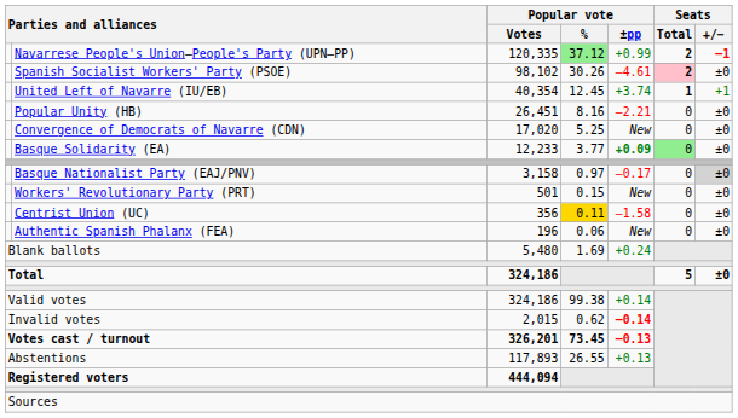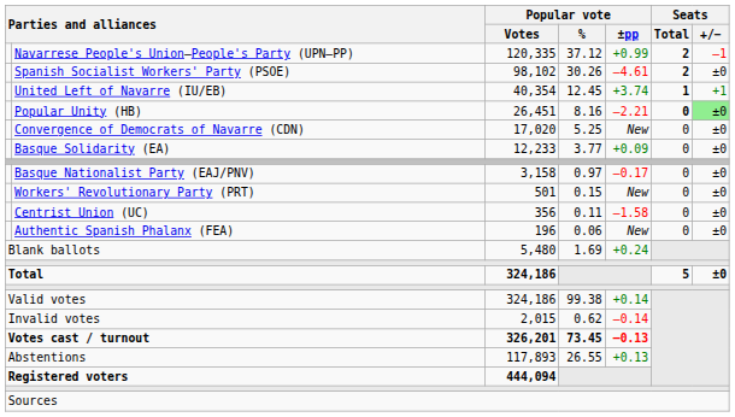 <table class="wikitable" style="text-align:right;">
 <tr>
 <th style="text-align:left;" rowspan="2" colspan="2" width="525">Parties and alliances</th>
 <th colspan="3">Popular vote</th>
 <th colspan="2">Seats</th>
 </tr>
 <tr>
 <th width="75">Votes</th>
 <th width="45">%</th>
 <th width="45">±<a href='#'>pp</a></th>
 <th width="35">Total</th>
 <th width="35">+/−</th>
 </tr>
 <tr>
 <td width="1" style="color:inherit;background:"></td>
 <td align="left"><a href='#'>Navarrese People's Union</a>–<a href='#'>People's Party</a> (UPN–PP)</td>
 <td>120,335</td>
-<td style="background: lightgreen;">37.12</td>
+<td>37.12</td>
 <td style="color:green;">+0.99</td>
 <td><strong>2</strong></td>
-<td style="color:red;"><strong>–1</strong></td>
+<td style="color:red;">–1</td>
 </tr>
 <tr>
 <td style="color:inherit;background:"></td>
 <td align="left"><a href='#'>Spanish Socialist Workers' Party</a> (PSOE)</td>
 <td>98,102</td>
 <td>30.26</td>
 <td style="color:red;">–4.61</td>
-<td style="background: pink;"><strong>2</strong></td>
+<td><strong>2</strong></td>
 <td>±0</td>
 </tr>
 <tr>
 <td style="color:inherit;background:"></td>
 <td align="left"><a href='#'>United Left of Navarre</a> (IU/EB)</td>
 <td>40,354</td>
 <td>12.45</td>
 <td style="color:green;">+3.74</td>
 <td><strong>1</strong></td>
 <td style="color:green;">+1</td>
 </tr>
 <tr>
 <td style="color:inherit;background:"></td>
 <td align="left"><a href='#'>Popular Unity</a> (HB)</td>
 <td>26,451</td>
 <td>8.16</td>
 <td style="color:red;">–2.21</td>
-<td>0</td>
-<td>±0</td>
+<td><strong>0</strong></td>
+<td style="background: lightgreen;">±0</td>
 </tr>
 <tr>
 <td style="color:inherit;background:"></td>
 <td align="left"><a href='#'>Convergence of Democrats of Navarre</a> (CDN)</td>
 <td>17,020</td>
 <td>5.25</td>
 <td><em>New</em></td>
 <td>0</td>
 <td>±0</td>
 </tr>
 <tr>
 <td style="color:inherit;background:"></td>
 <td align="left"><a href='#'>Basque Solidarity</a> (EA)</td>
 <td>12,233</td>
 <td>3.77</td>
-<td style="color:green;"><strong>+0.09</strong></td>
-<td style="background: lightgreen;">0</td>
+<td style="color:green;">+0.09</td>
+<td>0</td>
 <td>±0</td>
 </tr>
 <tr>
 <td colspan="7" bgcolor="#C0C0C0"></td>
 </tr>
 <tr>
 <td style="color:inherit;background:"></td>
 <td align="left"><a href='#'>Basque Nationalist Party</a> (EAJ/PNV)</td>
 <td>3,158</td>
 <td>0.97</td>
 <td style="color:red;">–0.17</td>
 <td>0</td>
-<td style="background: lightgrey;">±0</td>
+<td>±0</td>
 </tr>
 <tr>
 <td style="color:inherit;background:"></td>
 <td align="left"><a href='#'>Workers' Revolutionary Party</a> (PRT)</td>
 <td>501</td>
 <td>0.15</td>
 <td><em>New</em></td>
 <td>0</td>
 <td>±0</td>
 </tr>
 <tr>
 <td style="color:inherit;background:"></td>
 <td align="left"><a href='#'>Centrist Union</a> (UC)</td>
 <td>356</td>
-<td style="background: gold;">0.11</td>
+<td>0.11</td>
 <td style="color:red;">–1.58</td>
 <td>0</td>
 <td>±0</td>
 </tr>
 <tr>
 <td style="color:inherit;background:"></td>
 <td align="left"><a href='#'>Authentic Spanish Phalanx</a> (FEA)</td>
 <td>196</td>
 <td>0.06</td>
 <td><em>New</em></td>
 <td>0</td>
 <td>±0</td>
 </tr>
 <tr>
 <td align="left" colspan="2">Blank ballots</td>
 <td>5,480</td>
 <td>1.69</td>
 <td style="color:green;">+0.24</td>
 <td bgcolor="#E9E9E9" colspan="2"></td>
 </tr>
 <tr>
 <td colspan="7" bgcolor="#E9E9E9"></td>
 </tr>
 <tr style="font-weight:bold;">
 <td align="left" colspan="2">Total</td>
 <td>324,186</td>
 <td bgcolor="#E9E9E9" colspan="2"></td>
 <td>5</td>
 <td>±0</td>
 </tr>
 <tr>
 <td colspan="7" bgcolor="#E9E9E9"></td>
 </tr>
 <tr>
 <td align="left" colspan="2">Valid votes</td>
 <td>324,186</td>
 <td>99.38</td>
 <td style="color:green;">+0.14</td>
 <td bgcolor="#E9E9E9" colspan="2" rowspan="5"></td>
 </tr>
 <tr>
 <td align="left" colspan="2">Invalid votes</td>
 <td>2,015</td>
 <td>0.62</td>
-<td style="color:red;"><strong>–0.14</strong></td>
+<td style="color:red;">–0.14</td>
 </tr>
 <tr style="font-weight:bold;">
 <td align="left" colspan="2">Votes cast / turnout</td>
 <td>326,201</td>
 <td>73.45</td>
 <td style="color:red;">–0.13</td>
 </tr>
 <tr>
 <td align="left" colspan="2">Abstentions</td>
 <td>117,893</td>
 <td>26.55</td>
 <td style="color:green;">+0.13</td>
 </tr>
 <tr style="font-weight:bold;">
 <td align="left" colspan="2">Registered voters</td>
 <td>444,094</td>
 <td bgcolor="#E9E9E9" colspan="2"></td>
 </tr>
 <tr>
 <td colspan="7" bgcolor="#E9E9E9"></td>
 </tr>
 <tr>
 <td align="left" colspan="7">Sources</td>
 </tr>
 </table>
